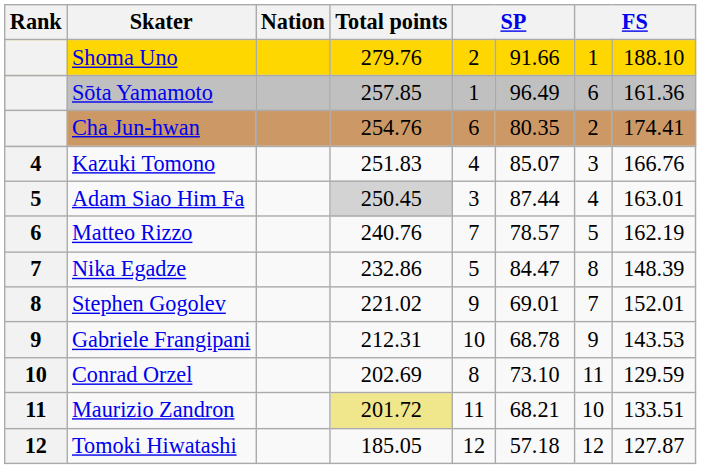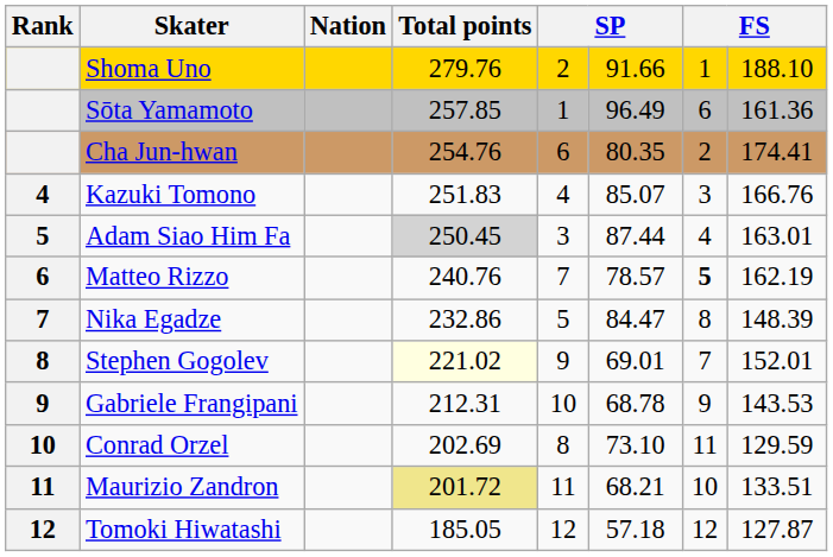 <table class="wikitable sortable" style="text-align:left">
 <tr>
 <th scope="col">Rank</th>
 <th scope="col">Skater</th>
 <th scope="col">Nation</th>
 <th scope="col">Total points</th>
 <th scope="col" colspan="2" width="80px"><a href='#'>SP</a></th>
 <th scope="col" colspan="2" width="80px"><a href='#'>FS</a></th>
 </tr>
 <tr bgcolor="gold">
 <th scope="row"></th>
 <td><a href='#'>Shoma Uno</a></td>
 <td></td>
 <td align="center">279.76</td>
 <td align="center">2</td>
 <td align="center">91.66</td>
 <td align="center">1</td>
 <td align="center">188.10</td>
 </tr>
 <tr bgcolor="silver">
 <th scope="row"></th>
 <td><a href='#'>Sōta Yamamoto</a></td>
 <td></td>
 <td align="center">257.85</td>
 <td align="center">1</td>
 <td align="center">96.49</td>
 <td align="center">6</td>
 <td align="center">161.36</td>
 </tr>
 <tr bgcolor="cc9966">
 <th scope="row"></th>
 <td><a href='#'>Cha Jun-hwan</a></td>
 <td></td>
 <td align="center">254.76</td>
 <td align="center">6</td>
 <td align="center">80.35</td>
 <td align="center">2</td>
 <td align="center">174.41</td>
 </tr>
 <tr>
 <th scope="row">4</th>
 <td><a href='#'>Kazuki Tomono</a></td>
 <td></td>
 <td align="center">251.83</td>
 <td align="center">4</td>
 <td align="center">85.07</td>
 <td align="center">3</td>
 <td align="center">166.76</td>
 </tr>
 <tr>
 <th scope="row">5</th>
 <td><a href='#'>Adam Siao Him Fa</a></td>
 <td></td>
 <td align="center" style="background: lightgrey;">250.45</td>
 <td align="center">3</td>
 <td align="center">87.44</td>
 <td align="center">4</td>
 <td align="center">163.01</td>
 </tr>
 <tr>
 <th scope="row">6</th>
 <td><a href='#'>Matteo Rizzo</a></td>
 <td></td>
 <td align="center">240.76</td>
 <td align="center">7</td>
 <td align="center">78.57</td>
-<td align="center">5</td>
+<td align="center"><strong>5</strong></td>
 <td align="center">162.19</td>
 </tr>
 <tr>
 <th scope="row">7</th>
 <td><a href='#'>Nika Egadze</a></td>
 <td></td>
 <td align="center">232.86</td>
 <td align="center">5</td>
 <td align="center">84.47</td>
 <td align="center">8</td>
 <td align="center">148.39</td>
 </tr>
 <tr>
 <th scope="row">8</th>
 <td><a href='#'>Stephen Gogolev</a></td>
 <td></td>
-<td align="center">221.02</td>
+<td align="center" style="background: lightyellow;">221.02</td>
 <td align="center">9</td>
 <td align="center">69.01</td>
 <td align="center">7</td>
 <td align="center">152.01</td>
 </tr>
 <tr>
 <th scope="row">9</th>
 <td><a href='#'>Gabriele Frangipani</a></td>
 <td></td>
 <td align="center">212.31</td>
 <td align="center">10</td>
 <td align="center">68.78</td>
 <td align="center">9</td>
 <td align="center">143.53</td>
 </tr>
 <tr>
 <th scope="row">10</th>
 <td><a href='#'>Conrad Orzel</a></td>
 <td></td>
 <td align="center">202.69</td>
 <td align="center">8</td>
 <td align="center">73.10</td>
 <td align="center">11</td>
 <td align="center">129.59</td>
 </tr>
 <tr>
 <th scope="row">11</th>
 <td><a href='#'>Maurizio Zandron</a></td>
 <td></td>
 <td align="center" style="background: khaki;">201.72</td>
 <td align="center">11</td>
 <td align="center">68.21</td>
 <td align="center">10</td>
 <td align="center">133.51</td>
 </tr>
 <tr>
 <th scope="row">12</th>
 <td><a href='#'>Tomoki Hiwatashi</a></td>
 <td></td>
 <td align="center">185.05</td>
 <td align="center">12</td>
 <td align="center">57.18</td>
 <td align="center">12</td>
 <td align="center">127.87</td>
 </tr>
 </table>
